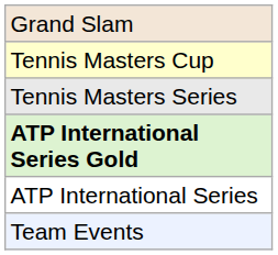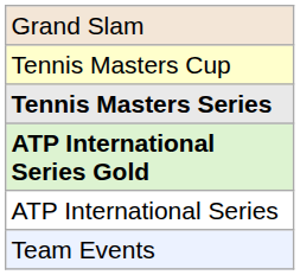 <table class="wikitable"  style="font-size:95%; width:14%;">
 <tr style="background:#F3E6D7;">
 <td>Grand Slam</td>
 </tr>
 <tr style="background:#FFFFCC;">
 <td>Tennis Masters Cup</td>
 </tr>
 <tr style="background:#E9E9E9;">
-<td>Tennis Masters Series</td>
+<td><strong>Tennis Masters Series</strong></td>
 </tr>
 <tr style="background:#DDF3D1;">
 <td><strong>ATP International Series Gold</strong></td>
 </tr>
 <tr style="background:#fff;">
 <td>ATP International Series</td>
 </tr>
 <tr style="background:#ECF2FF;">
 <td>Team Events</td>
 </tr>
 </table>
